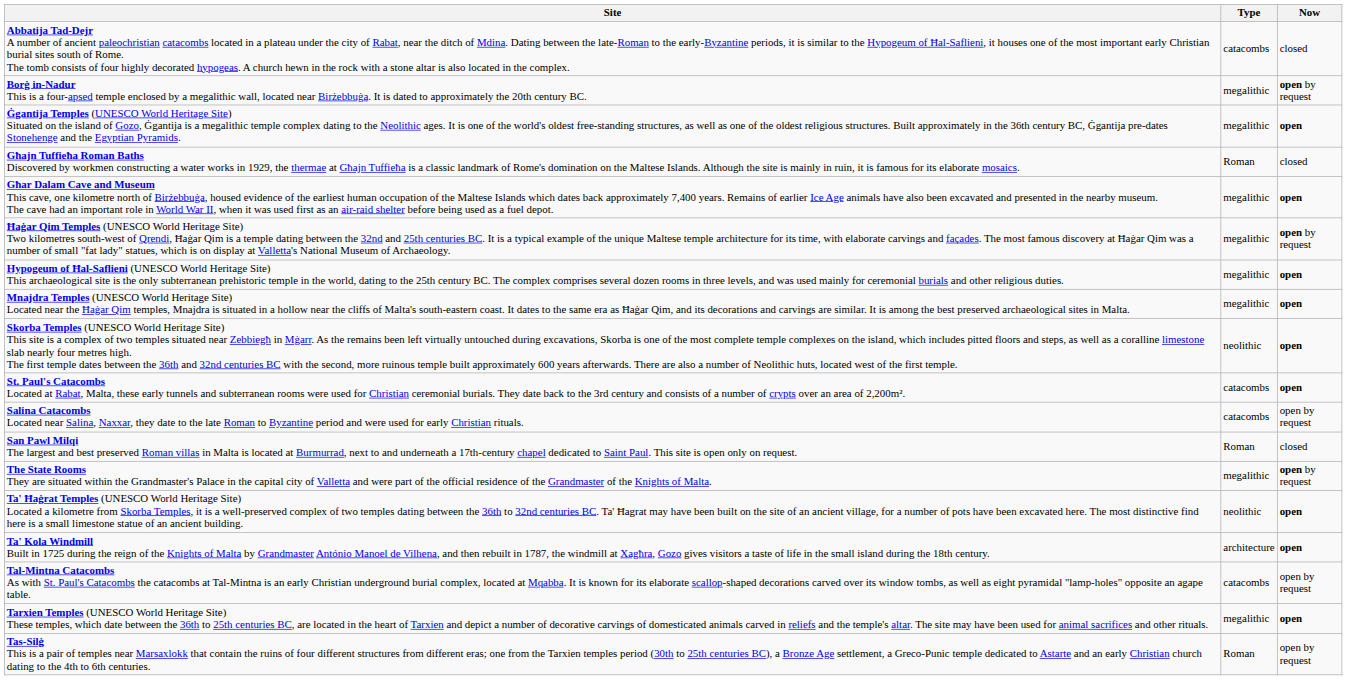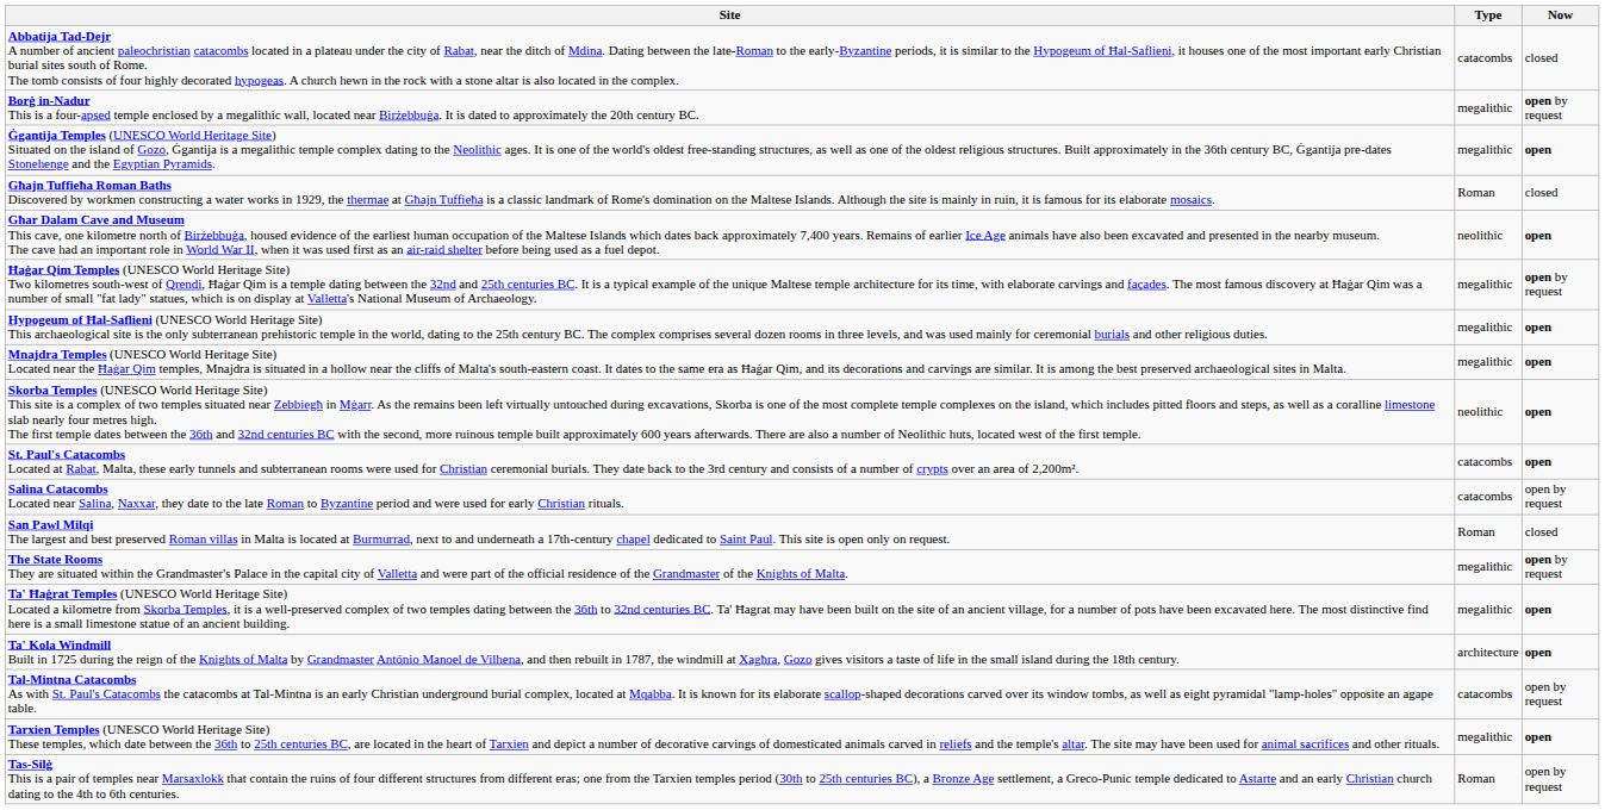 <table class="wikitable sortable">
 <tr>
 <th>Site</th>
 <th>Type</th>
 <th>Now</th>
 </tr>
 <tr>
 <td><strong><a href='#'>Abbatija Tad-Dejr</a></strong><br>A number of ancient <a href='#'>paleochristian</a> <a href='#'>catacombs</a> located in a plateau under the city of <a href='#'>Rabat</a>, near the ditch of <a href='#'>Mdina</a>. Dating between the late-<a href='#'>Roman</a> to the early-<a href='#'>Byzantine</a> periods, it is similar to the <a href='#'>Hypogeum of Ħal-Saflieni</a>, it houses one of the most important early Christian burial sites south of Rome.<br>The tomb consists of four highly decorated <a href='#'>hypogeas</a>. A church hewn in the rock with a stone altar is also located in the complex.</td>
 <td>catacombs</td>
 <td>closed</td>
 </tr>
 <tr>
 <td><strong><a href='#'>Borġ in-Nadur</a></strong><br>This is a four-<a href='#'>apsed</a> temple enclosed by a megalithic wall, located near <a href='#'>Birżebbuġa</a>. It is dated to approximately the 20th century BC.</td>
 <td>megalithic</td>
 <td><strong>open</strong> by request</td>
 </tr>
 <tr>
 <td><strong><a href='#'>Ġgantija Temples</a></strong> (<a href='#'>UNESCO World Heritage Site</a>)<br>Situated on the island of <a href='#'>Gozo</a>, Ġgantija is a megalithic temple complex dating to the <a href='#'>Neolithic</a> ages. It is one of the world's oldest free-standing structures, as well as one of the oldest religious structures. Built approximately in the 36th century BC, Ġgantija pre-dates <a href='#'>Stonehenge</a> and the <a href='#'>Egyptian Pyramids</a>.</td>
 <td>megalithic</td>
 <td><strong>open</strong></td>
 </tr>
 <tr>
 <td><strong><a href='#'>Għajn Tuffieħa Roman Baths</a></strong><br>Discovered by workmen constructing a water works in 1929, the <a href='#'>thermae</a> at <a href='#'>Għajn Tuffieħa</a> is a classic landmark of Rome's domination on the Maltese Islands. Although the site is mainly in ruin, it is famous for its elaborate <a href='#'>mosaics</a>.</td>
 <td>Roman</td>
 <td>closed</td>
 </tr>
 <tr>
 <td><strong><a href='#'>Għar Dalam Cave and Museum</a></strong><br>This cave, one kilometre north of <a href='#'>Birżebbuġa</a>,  housed evidence of the earliest human occupation of the Maltese Islands which dates back approximately 7,400 years. Remains of earlier <a href='#'>Ice Age</a> animals have also been excavated and presented in the nearby museum.<br>The cave had an important role in <a href='#'>World War II</a>, when it was used first as an <a href='#'>air-raid shelter</a> before being used as a fuel depot.</td>
-<td>megalithic</td>
+<td>neolithic</td>
 <td><strong>open</strong></td>
 </tr>
 <tr>
 <td><strong><a href='#'>Ħaġar Qim Temples</a></strong> (UNESCO World Heritage Site)<br>Two kilometres south-west of <a href='#'>Qrendi</a>, Ħaġar Qim is a temple dating between the <a href='#'>32nd</a> and <a href='#'>25th centuries BC</a>. It is a typical example of the unique Maltese temple architecture for its time, with elaborate carvings and <a href='#'>façades</a>. The most famous discovery at Ħaġar Qim was a number of small "fat lady" statues, which is on display at <a href='#'>Valletta</a>'s National Museum of Archaeology.</td>
 <td>megalithic</td>
 <td><strong>open</strong> by request</td>
 </tr>
 <tr>
 <td><strong><a href='#'>Hypogeum of Ħal-Saflieni</a></strong> (UNESCO World Heritage Site)<br>This archaeological site is the only subterranean prehistoric temple in the world, dating to the 25th century BC. The complex comprises several dozen rooms in three levels, and was used mainly for ceremonial <a href='#'>burials</a> and other religious duties.</td>
 <td>megalithic</td>
 <td><strong>open</strong></td>
 </tr>
 <tr>
 <td><strong><a href='#'>Mnajdra Temples</a></strong> (UNESCO World Heritage Site)<br>Located near the <a href='#'>Ħaġar Qim</a> temples, Mnajdra is situated in a hollow near the cliffs of Malta's south-eastern coast. It dates to the same era as Ħaġar Qim, and its decorations and carvings are similar. It is among the best preserved archaeological sites in Malta.</td>
 <td>megalithic</td>
 <td><strong>open</strong></td>
 </tr>
 <tr>
 <td><strong><a href='#'>Skorba Temples</a></strong> (UNESCO World Heritage Site)<br>This site is a complex of two temples situated near <a href='#'>Zebbiegħ</a> in <a href='#'>Mġarr</a>. As the remains been left virtually untouched during excavations, Skorba is one of the most complete temple complexes on the island, which includes pitted floors and steps, as well as a coralline <a href='#'>limestone</a> slab nearly four metres high.<br>The first temple dates between the <a href='#'>36th</a> and <a href='#'>32nd centuries BC</a> with the second, more ruinous temple built approximately 600 years afterwards. There are also a number of Neolithic huts, located west of the first temple.</td>
 <td>neolithic</td>
 <td><strong>open</strong></td>
 </tr>
 <tr>
 <td><strong><a href='#'>St. Paul's Catacombs</a></strong><br>Located at <a href='#'>Rabat</a>, Malta, these early tunnels and subterranean rooms were used for <a href='#'>Christian</a> ceremonial burials. They date back to the 3rd century and consists of a number of <a href='#'>crypts</a> over an area of 2,200m².</td>
 <td>catacombs</td>
 <td><strong>open</strong></td>
 </tr>
 <tr>
 <td><strong><a href='#'>Salina Catacombs</a></strong><br>Located near <a href='#'>Salina</a>, <a href='#'>Naxxar</a>, they date to the late <a href='#'>Roman</a> to <a href='#'>Byzantine</a> period and were used for early <a href='#'>Christian</a> rituals.</td>
 <td>catacombs</td>
 <td>open by request</td>
 </tr>
 <tr>
 <td><strong><a href='#'>San Pawl Milqi</a></strong><br>The largest and best preserved <a href='#'>Roman villas</a> in Malta is located at <a href='#'>Burmurrad</a>, next to and underneath a 17th-century <a href='#'>chapel</a> dedicated to <a href='#'>Saint Paul</a>. This site is open only on request.</td>
 <td>Roman</td>
 <td>closed</td>
 </tr>
 <tr>
 <td><strong><a href='#'>The State Rooms</a></strong><br>They are situated within the Grandmaster's Palace in the capital city of <a href='#'>Valletta</a> and were part of the official residence of the <a href='#'>Grandmaster</a> of the <a href='#'>Knights of Malta</a>.</td>
 <td>megalithic</td>
 <td><strong>open</strong> by request</td>
 </tr>
 <tr>
 <td><strong><a href='#'>Ta' Ħaġrat Temples</a></strong> (UNESCO World Heritage Site)<br>Located a kilometre from <a href='#'>Skorba Temples</a>, it is a well-preserved complex of two temples dating between the <a href='#'>36th</a> to <a href='#'>32nd centuries BC</a>. Ta' Ħagrat may have been built on the site of an ancient village, for a number of pots have been excavated here. The most distinctive find here is a small limestone statue of an ancient building.</td>
-<td>neolithic</td>
+<td>megalithic</td>
 <td><strong>open</strong></td>
 </tr>
 <tr>
 <td><strong><a href='#'>Ta' Kola Windmill</a></strong><br>Built in 1725 during the reign of the <a href='#'>Knights of Malta</a> by <a href='#'>Grandmaster</a> <a href='#'>António Manoel de Vilhena</a>,  and then rebuilt in 1787, the windmill at <a href='#'>Xagħra</a>, <a href='#'>Gozo</a> gives visitors a taste of life in the small island during the 18th century.</td>
 <td>architecture</td>
 <td><strong>open</strong></td>
 </tr>
 <tr>
 <td><strong><a href='#'>Tal-Mintna Catacombs</a></strong><br>As with <a href='#'>St. Paul's Catacombs</a> the catacombs at Tal-Mintna is an early Christian underground burial complex, located at <a href='#'>Mqabba</a>. It is known for its elaborate <a href='#'>scallop</a>-shaped decorations carved over its window tombs, as well as eight pyramidal "lamp-holes" opposite an agape table.</td>
 <td>catacombs</td>
 <td>open by request</td>
 </tr>
 <tr>
 <td><strong><a href='#'>Tarxien Temples</a></strong> (UNESCO World Heritage Site)<br>These temples, which date between the <a href='#'>36th</a> to <a href='#'>25th centuries BC</a>, are located in the heart of <a href='#'>Tarxien</a> and depict a number of decorative carvings of domesticated animals carved in <a href='#'>reliefs</a> and the temple's <a href='#'>altar</a>. The site may have been used for <a href='#'>animal sacrifices</a> and other rituals.</td>
 <td>megalithic</td>
 <td><strong>open</strong></td>
 </tr>
 <tr>
 <td><strong><a href='#'>Tas-Silġ</a></strong><br>This is a pair of temples near <a href='#'>Marsaxlokk</a> that contain the ruins of four different structures from different eras; one from the Tarxien temples period (<a href='#'>30th</a> to <a href='#'>25th centuries BC</a>), a <a href='#'>Bronze Age</a> settlement, a Greco-Punic temple dedicated to <a href='#'>Astarte</a> and an early <a href='#'>Christian</a> church dating to the 4th to 6th centuries.</td>
 <td>Roman</td>
 <td>open by request</td>
 </tr>
 </table>
